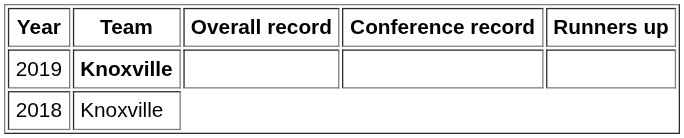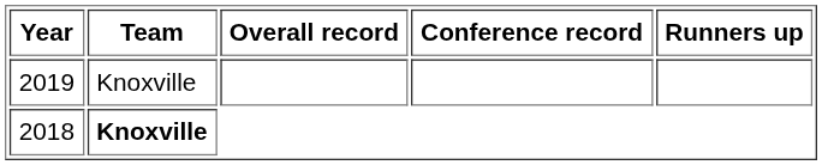 <table border="1" cellpadding="5">
 <tr>
 <th scope="col">Year</th>
 <th scope="col">Team</th>
 <th scope="col">Overall record</th>
 <th scope="col">Conference record</th>
 <th scope="col">Runners up</th>
 </tr>
 <tr>
 <td>2019</td>
-<td><strong>Knoxville</strong></td>
+<td>Knoxville</td>
 <td></td>
 <td></td>
 <td></td>
 </tr>
 <tr>
 <td>2018</td>
-<td>Knoxville</td>
+<td><strong>Knoxville</strong></td>
 </tr>
 </table>
